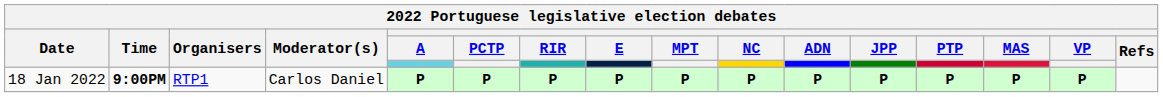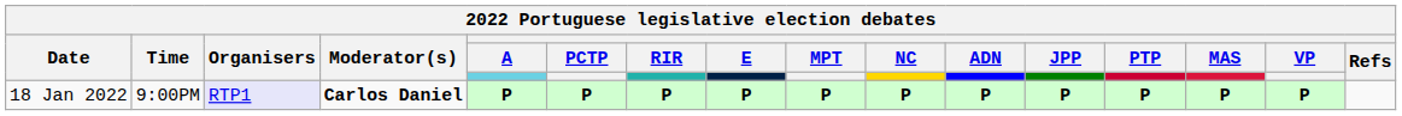 <table class="wikitable" style="font-size:98%; text-align:center;">
 <tr>
 <th colspan="22">2022 Portuguese legislative election debates</th>
 </tr>
 <tr>
 <th rowspan="3">Date</th>
 <th rowspan="3">Time</th>
 <th rowspan="3">Organisers</th>
 <th rowspan="3">Moderator(s)</th>
 <th colspan="19">        </th>
 </tr>
 <tr>
 <th scope="col" style="width:4em;"><a href='#'>A</a><br></th>
 <th scope="col" style="width:4em;"><a href='#'>PCTP</a><br></th>
 <th scope="col" style="width:4em;"><a href='#'>RIR</a><br></th>
 <th scope="col" style="width:4em;"><a href='#'>E</a><br></th>
 <th scope="col" style="width:4em;"><a href='#'>MPT</a><br></th>
 <th scope="col" style="width:4em;"><a href='#'>NC</a><br></th>
 <th scope="col" style="width:4em;"><a href='#'>ADN</a><br></th>
 <th scope="col" style="width:4em;"><a href='#'>JPP</a><br></th>
 <th scope="col" style="width:4em;"><a href='#'>PTP</a><br></th>
 <th scope="col" style="width:4em;"><a href='#'>MAS</a><br></th>
 <th scope="col" style="width:4em;"><a href='#'>VP</a><br></th>
 <th rowspan="2">Refs</th>
 </tr>
 <tr>
 <th style="background:#6AD1E3;"></th>
 <th style="background:"></th>
 <th style="background:LightSeaGreen;"></th>
 <th style="background:#002147;"></th>
 <th style="background:"></th>
 <th style="background:Gold;"></th>
 <th style="background:Blue;"></th>
 <th style="background:Green;"></th>
 <th style="background:#CC0033"></th>
 <th style="background:Crimson;"></th>
 <th style="background:"></th>
 </tr>
 <tr>
 <td style="white-space:nowrap; text-align:left;">18 Jan 2022</td>
-<td style="white-space:nowrap; text-align:left;"><strong>9:00PM</strong></td>
-<td style="white-space:nowrap; text-align:left;"><a href='#'>RTP1</a></td>
-<td style="white-space:nowrap; text-align:left;">Carlos Daniel</td>
+<td style="white-space:nowrap; text-align:left;">9:00PM</td>
+<td style="background: lavender; white-space:nowrap; text-align:left;"><a href='#'>RTP1</a></td>
+<td style="white-space:nowrap; text-align:left;"><strong>Carlos Daniel</strong></td>
 <td style="background:#D0FFD0;"><strong>P</strong></td>
 <td style="background:#D0FFD0;"><strong>P</strong></td>
 <td style="background:#D0FFD0;"><strong>P</strong></td>
 <td style="background:#D0FFD0;"><strong>P</strong></td>
 <td style="background:#D0FFD0;"><strong>P</strong></td>
 <td style="background:#D0FFD0;"><strong>P</strong></td>
 <td style="background:#D0FFD0;"><strong>P</strong></td>
 <td style="background:#D0FFD0;"><strong>P</strong></td>
 <td style="background:#D0FFD0;"><strong>P</strong></td>
 <td style="background:#D0FFD0;"><strong>P</strong></td>
 <td style="background:#D0FFD0;"><strong>P</strong></td>
 <td></td>
 </tr>
 </table>
